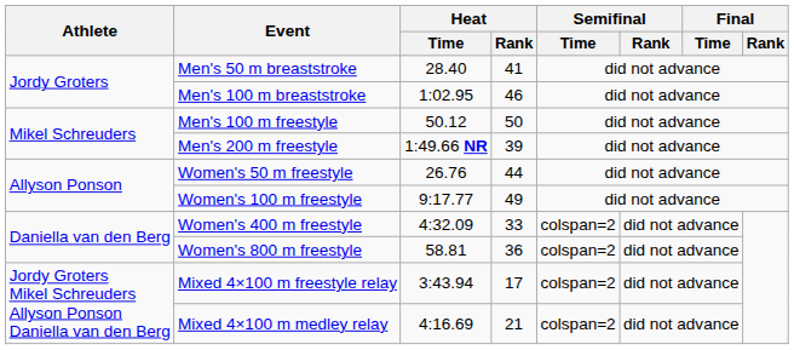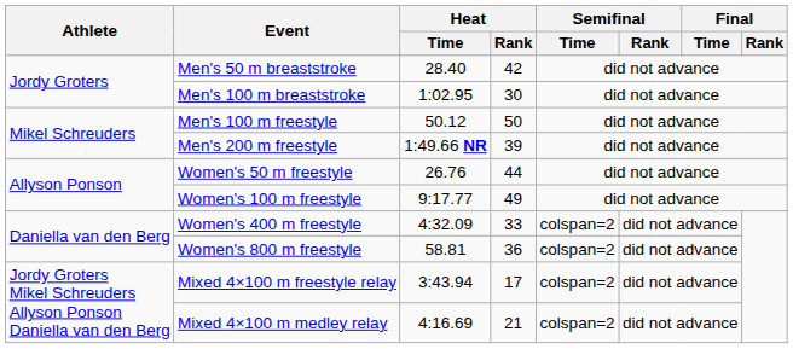 <table class=wikitable style="font-size:90%">
 <tr>
 <th rowspan="2">Athlete</th>
 <th rowspan="2">Event</th>
 <th colspan="2">Heat</th>
 <th colspan="2">Semifinal</th>
 <th colspan="2">Final</th>
 </tr>
 <tr style="font-size:95%">
 <th>Time</th>
 <th>Rank</th>
 <th>Time</th>
 <th>Rank</th>
 <th>Time</th>
 <th>Rank</th>
 </tr>
 <tr align=center>
 <td align=left rowspan=2><a href='#'>Jordy Groters</a></td>
 <td align=left><a href='#'>Men's 50 m breaststroke</a></td>
 <td>28.40</td>
-<td>41</td>
+<td>42</td>
 <td colspan=4>did not advance</td>
 </tr>
 <tr align=center>
 <td align=left><a href='#'>Men's 100 m breaststroke</a></td>
 <td>1:02.95</td>
-<td>46</td>
+<td>30</td>
 <td colspan=4>did not advance</td>
 </tr>
 <tr align=center>
 <td align=left rowspan=2><a href='#'>Mikel Schreuders</a></td>
 <td align=left><a href='#'>Men's 100 m freestyle</a></td>
 <td>50.12</td>
 <td>50</td>
 <td colspan=4>did not advance</td>
 </tr>
 <tr align=center>
 <td align=left><a href='#'>Men's 200 m freestyle</a></td>
 <td>1:49.66 <strong><a href='#'>NR</a></strong></td>
 <td>39</td>
 <td colspan=4>did not advance</td>
 </tr>
 <tr align=center>
 <td align=left rowspan=2><a href='#'>Allyson Ponson</a></td>
 <td align=left><a href='#'>Women's 50 m freestyle</a></td>
 <td>26.76</td>
 <td>44</td>
 <td colspan=4>did not advance</td>
 </tr>
 <tr align=center>
 <td align=left><a href='#'>Women's 100 m freestyle</a></td>
 <td>9:17.77</td>
 <td>49</td>
 <td colspan=4>did not advance</td>
 </tr>
 <tr align=center>
 <td align=left rowspan=2><a href='#'>Daniella van den Berg</a></td>
 <td align=left><a href='#'>Women's 400 m freestyle</a></td>
 <td>4:32.09</td>
 <td>33</td>
 <td>colspan=2 </td>
 <td colspan=2>did not advance</td>
 </tr>
 <tr align=center>
 <td align=left><a href='#'>Women's 800 m freestyle</a></td>
 <td>58.81</td>
 <td>36</td>
 <td>colspan=2 </td>
 <td colspan=2>did not advance</td>
 </tr>
 <tr align=center>
 <td align=left rowspan=2><a href='#'>Jordy Groters</a><br><a href='#'>Mikel Schreuders</a><br><a href='#'>Allyson Ponson</a><br><a href='#'>Daniella van den Berg</a></td>
 <td align=left><a href='#'>Mixed 4×100 m freestyle relay</a></td>
 <td>3:43.94</td>
 <td>17</td>
 <td>colspan=2 </td>
 <td colspan=2>did not advance</td>
 </tr>
 <tr align=center>
 <td align=left><a href='#'>Mixed 4×100 m medley relay</a></td>
 <td>4:16.69</td>
 <td>21</td>
 <td>colspan=2 </td>
 <td colspan=2>did not advance</td>
 </tr>
 </table>
